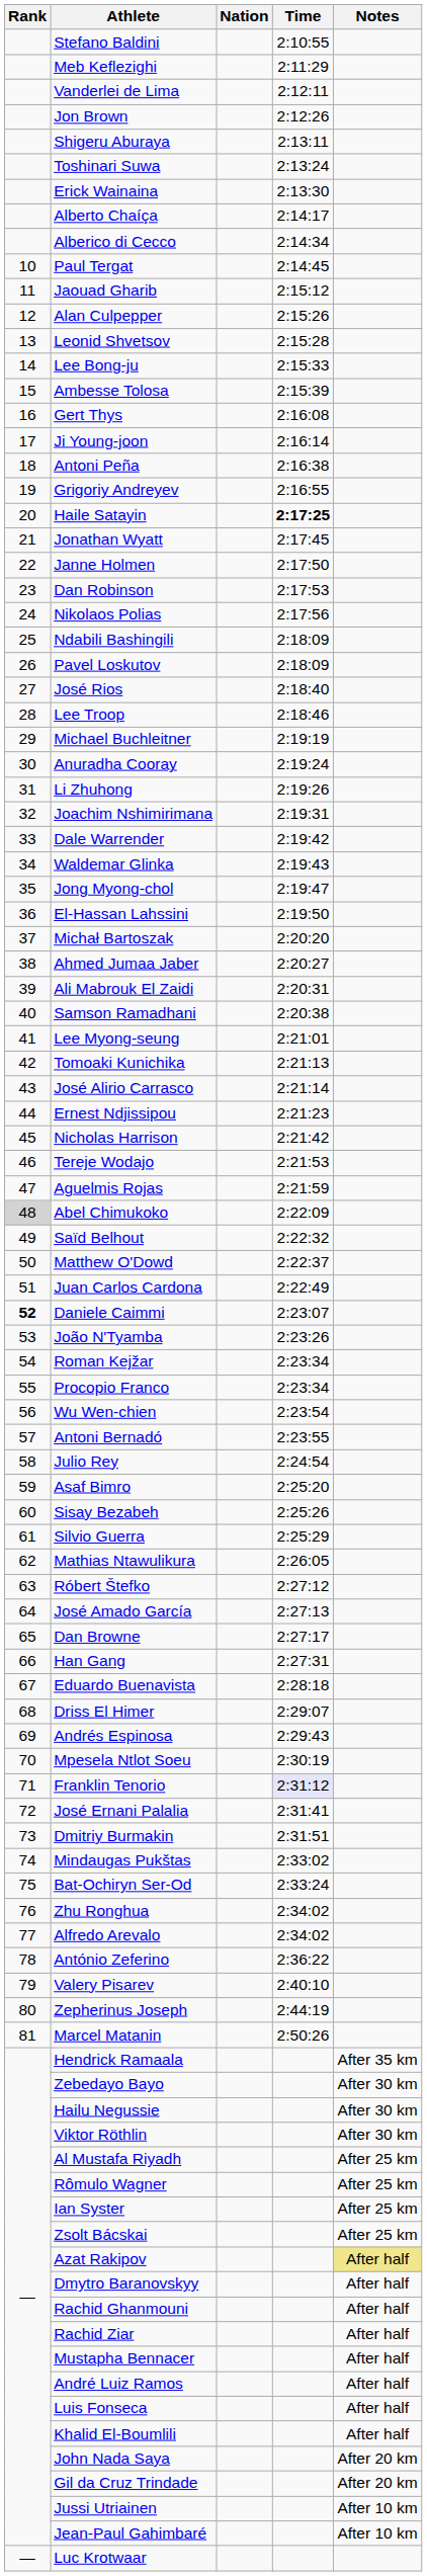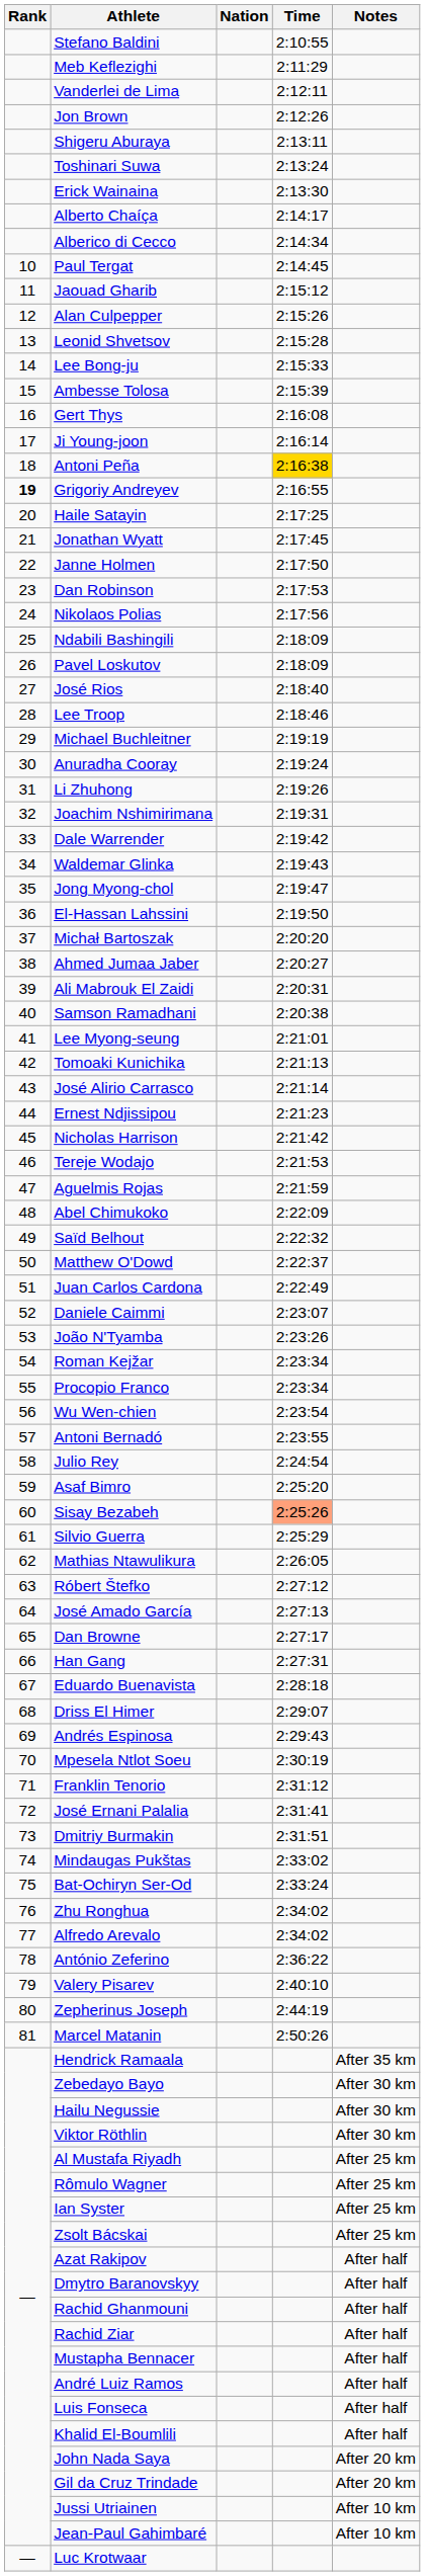 <table class="wikitable sortable" style="text-align:center">
 <tr>
 <th>Rank</th>
 <th>Athlete</th>
 <th>Nation</th>
 <th>Time</th>
 <th>Notes</th>
 </tr>
 <tr>
 <td></td>
 <td align=left><a href='#'>Stefano Baldini</a></td>
 <td align=left></td>
 <td>2:10:55</td>
 <td></td>
 </tr>
 <tr>
 <td></td>
 <td align=left><a href='#'>Meb Keflezighi</a></td>
 <td align=left></td>
 <td>2:11:29</td>
 <td></td>
 </tr>
 <tr>
 <td></td>
 <td align=left><a href='#'>Vanderlei de Lima</a></td>
 <td align=left></td>
 <td>2:12:11</td>
 <td></td>
 </tr>
 <tr>
 <td></td>
 <td align=left><a href='#'>Jon Brown</a></td>
 <td align=left></td>
 <td>2:12:26</td>
 <td></td>
 </tr>
 <tr>
 <td></td>
 <td align=left><a href='#'>Shigeru Aburaya</a></td>
 <td align=left></td>
 <td>2:13:11</td>
 <td></td>
 </tr>
 <tr>
 <td></td>
 <td align=left><a href='#'>Toshinari Suwa</a></td>
 <td align=left></td>
 <td>2:13:24</td>
 <td></td>
 </tr>
 <tr>
 <td></td>
 <td align=left><a href='#'>Erick Wainaina</a></td>
 <td align=left></td>
 <td>2:13:30</td>
 <td></td>
 </tr>
 <tr>
 <td></td>
 <td align=left><a href='#'>Alberto Chaíça</a></td>
 <td align=left></td>
 <td>2:14:17</td>
 <td></td>
 </tr>
 <tr>
 <td></td>
 <td align=left><a href='#'>Alberico di Cecco</a></td>
 <td align=left></td>
 <td>2:14:34</td>
 <td></td>
 </tr>
 <tr>
 <td>10</td>
 <td align=left><a href='#'>Paul Tergat</a></td>
 <td align=left></td>
 <td>2:14:45</td>
 <td></td>
 </tr>
 <tr>
 <td>11</td>
 <td align=left><a href='#'>Jaouad Gharib</a></td>
 <td align=left></td>
 <td>2:15:12</td>
 <td></td>
 </tr>
 <tr>
 <td>12</td>
 <td align=left><a href='#'>Alan Culpepper</a></td>
 <td align=left></td>
 <td>2:15:26</td>
 <td></td>
 </tr>
 <tr>
 <td>13</td>
 <td align=left><a href='#'>Leonid Shvetsov</a></td>
 <td align=left></td>
 <td>2:15:28</td>
 <td></td>
 </tr>
 <tr>
 <td>14</td>
 <td align=left><a href='#'>Lee Bong-ju</a></td>
 <td align=left></td>
 <td>2:15:33</td>
 <td></td>
 </tr>
 <tr>
 <td>15</td>
 <td align=left><a href='#'>Ambesse Tolosa</a></td>
 <td align=left></td>
 <td>2:15:39</td>
 <td></td>
 </tr>
 <tr>
 <td>16</td>
 <td align=left><a href='#'>Gert Thys</a></td>
 <td align=left></td>
 <td>2:16:08</td>
 <td></td>
 </tr>
 <tr>
 <td>17</td>
 <td align=left><a href='#'>Ji Young-joon</a></td>
 <td align=left></td>
 <td>2:16:14</td>
 <td></td>
 </tr>
 <tr>
 <td>18</td>
 <td align=left><a href='#'>Antoni Peña</a></td>
 <td align=left></td>
-<td>2:16:38</td>
+<td style="background: gold;">2:16:38</td>
 <td></td>
 </tr>
 <tr>
-<td>19</td>
+<td><strong>19</strong></td>
 <td align=left><a href='#'>Grigoriy Andreyev</a></td>
 <td align=left></td>
 <td>2:16:55</td>
 <td></td>
 </tr>
 <tr>
 <td>20</td>
 <td align=left><a href='#'>Haile Satayin</a></td>
 <td align=left></td>
-<td><strong>2:17:25</strong></td>
+<td>2:17:25</td>
 <td></td>
 </tr>
 <tr>
 <td>21</td>
 <td align=left><a href='#'>Jonathan Wyatt</a></td>
 <td align=left></td>
 <td>2:17:45</td>
 <td></td>
 </tr>
 <tr>
 <td>22</td>
 <td align=left><a href='#'>Janne Holmen</a></td>
 <td align=left></td>
 <td>2:17:50</td>
 <td></td>
 </tr>
 <tr>
 <td>23</td>
 <td align=left><a href='#'>Dan Robinson</a></td>
 <td align=left></td>
 <td>2:17:53</td>
 <td></td>
 </tr>
 <tr>
 <td>24</td>
 <td align=left><a href='#'>Nikolaos Polias</a></td>
 <td align=left></td>
 <td>2:17:56</td>
 <td></td>
 </tr>
 <tr>
 <td>25</td>
 <td align=left><a href='#'>Ndabili Bashingili</a></td>
 <td align=left></td>
 <td>2:18:09</td>
 <td></td>
 </tr>
 <tr>
 <td>26</td>
 <td align=left><a href='#'>Pavel Loskutov</a></td>
 <td align=left></td>
 <td>2:18:09</td>
 <td></td>
 </tr>
 <tr>
 <td>27</td>
 <td align=left><a href='#'>José Rios</a></td>
 <td align=left></td>
 <td>2:18:40</td>
 <td></td>
 </tr>
 <tr>
 <td>28</td>
 <td align=left><a href='#'>Lee Troop</a></td>
 <td align=left></td>
 <td>2:18:46</td>
 <td></td>
 </tr>
 <tr>
 <td>29</td>
 <td align=left><a href='#'>Michael Buchleitner</a></td>
 <td align=left></td>
 <td>2:19:19</td>
 <td></td>
 </tr>
 <tr>
 <td>30</td>
 <td align=left><a href='#'>Anuradha Cooray</a></td>
 <td align=left></td>
 <td>2:19:24</td>
 <td></td>
 </tr>
 <tr>
 <td>31</td>
 <td align=left><a href='#'>Li Zhuhong</a></td>
 <td align=left></td>
 <td>2:19:26</td>
 <td></td>
 </tr>
 <tr>
 <td>32</td>
 <td align=left><a href='#'>Joachim Nshimirimana</a></td>
 <td align=left></td>
 <td>2:19:31</td>
 <td></td>
 </tr>
 <tr>
 <td>33</td>
 <td align=left><a href='#'>Dale Warrender</a></td>
 <td align=left></td>
 <td>2:19:42</td>
 <td></td>
 </tr>
 <tr>
 <td>34</td>
 <td align=left><a href='#'>Waldemar Glinka</a></td>
 <td align=left></td>
 <td>2:19:43</td>
 <td></td>
 </tr>
 <tr>
 <td>35</td>
 <td align=left><a href='#'>Jong Myong-chol</a></td>
 <td align=left></td>
 <td>2:19:47</td>
 <td></td>
 </tr>
 <tr>
 <td>36</td>
 <td align=left><a href='#'>El-Hassan Lahssini</a></td>
 <td align=left></td>
 <td>2:19:50</td>
 <td></td>
 </tr>
 <tr>
 <td>37</td>
 <td align=left><a href='#'>Michał Bartoszak</a></td>
 <td align=left></td>
 <td>2:20:20</td>
 <td></td>
 </tr>
 <tr>
 <td>38</td>
 <td align=left><a href='#'>Ahmed Jumaa Jaber</a></td>
 <td align=left></td>
 <td>2:20:27</td>
 <td></td>
 </tr>
 <tr>
 <td>39</td>
 <td align=left><a href='#'>Ali Mabrouk El Zaidi</a></td>
 <td align=left></td>
 <td>2:20:31</td>
 <td></td>
 </tr>
 <tr>
 <td>40</td>
 <td align=left><a href='#'>Samson Ramadhani</a></td>
 <td align=left></td>
 <td>2:20:38</td>
 <td></td>
 </tr>
 <tr>
 <td>41</td>
 <td align=left><a href='#'>Lee Myong-seung</a></td>
 <td align=left></td>
 <td>2:21:01</td>
 <td></td>
 </tr>
 <tr>
 <td>42</td>
 <td align=left><a href='#'>Tomoaki Kunichika</a></td>
 <td align=left></td>
 <td>2:21:13</td>
 <td></td>
 </tr>
 <tr>
 <td>43</td>
 <td align=left><a href='#'>José Alirio Carrasco</a></td>
 <td align=left></td>
 <td>2:21:14</td>
 <td></td>
 </tr>
 <tr>
 <td>44</td>
 <td align=left><a href='#'>Ernest Ndjissipou</a></td>
 <td align=left></td>
 <td>2:21:23</td>
 <td></td>
 </tr>
 <tr>
 <td>45</td>
 <td align=left><a href='#'>Nicholas Harrison</a></td>
 <td align=left></td>
 <td>2:21:42</td>
 <td></td>
 </tr>
 <tr>
 <td>46</td>
 <td align=left><a href='#'>Tereje Wodajo</a></td>
 <td align=left></td>
 <td>2:21:53</td>
 <td></td>
 </tr>
 <tr>
 <td>47</td>
 <td align=left><a href='#'>Aguelmis Rojas</a></td>
 <td align=left></td>
 <td>2:21:59</td>
 <td></td>
 </tr>
 <tr>
-<td style="background: lightgrey;">48</td>
+<td>48</td>
 <td align=left><a href='#'>Abel Chimukoko</a></td>
 <td align=left></td>
 <td>2:22:09</td>
 <td></td>
 </tr>
 <tr>
 <td>49</td>
 <td align=left><a href='#'>Saïd Belhout</a></td>
 <td align=left></td>
 <td>2:22:32</td>
 <td></td>
 </tr>
 <tr>
 <td>50</td>
 <td align=left><a href='#'>Matthew O'Dowd</a></td>
 <td align=left></td>
 <td>2:22:37</td>
 <td></td>
 </tr>
 <tr>
 <td>51</td>
 <td align=left><a href='#'>Juan Carlos Cardona</a></td>
 <td align=left></td>
 <td>2:22:49</td>
 <td></td>
 </tr>
 <tr>
-<td><strong>52</strong></td>
+<td>52</td>
 <td align=left><a href='#'>Daniele Caimmi</a></td>
 <td align=left></td>
 <td>2:23:07</td>
 <td></td>
 </tr>
 <tr>
 <td>53</td>
 <td align=left><a href='#'>João N'Tyamba</a></td>
 <td align=left></td>
 <td>2:23:26</td>
 <td></td>
 </tr>
 <tr>
 <td>54</td>
 <td align=left><a href='#'>Roman Kejžar</a></td>
 <td align=left></td>
 <td>2:23:34</td>
 <td></td>
 </tr>
 <tr>
 <td>55</td>
 <td align=left><a href='#'>Procopio Franco</a></td>
 <td align=left></td>
 <td>2:23:34</td>
 <td></td>
 </tr>
 <tr>
 <td>56</td>
 <td align=left><a href='#'>Wu Wen-chien</a></td>
 <td align=left></td>
 <td>2:23:54</td>
 <td></td>
 </tr>
 <tr>
 <td>57</td>
 <td align=left><a href='#'>Antoni Bernadó</a></td>
 <td align=left></td>
 <td>2:23:55</td>
 <td></td>
 </tr>
 <tr>
 <td>58</td>
 <td align=left><a href='#'>Julio Rey</a></td>
 <td align=left></td>
 <td>2:24:54</td>
 <td></td>
 </tr>
 <tr>
 <td>59</td>
 <td align=left><a href='#'>Asaf Bimro</a></td>
 <td align=left></td>
 <td>2:25:20</td>
 <td></td>
 </tr>
 <tr>
 <td>60</td>
 <td align=left><a href='#'>Sisay Bezabeh</a></td>
 <td align=left></td>
-<td>2:25:26</td>
+<td style="background: lightsalmon;">2:25:26</td>
 <td></td>
 </tr>
 <tr>
 <td>61</td>
 <td align=left><a href='#'>Silvio Guerra</a></td>
 <td align=left></td>
 <td>2:25:29</td>
 <td></td>
 </tr>
 <tr>
 <td>62</td>
 <td align=left><a href='#'>Mathias Ntawulikura</a></td>
 <td align=left></td>
 <td>2:26:05</td>
 <td></td>
 </tr>
 <tr>
 <td>63</td>
 <td align=left><a href='#'>Róbert Štefko</a></td>
 <td align=left></td>
 <td>2:27:12</td>
 <td></td>
 </tr>
 <tr>
 <td>64</td>
 <td align=left><a href='#'>José Amado García</a></td>
 <td align=left></td>
 <td>2:27:13</td>
 <td></td>
 </tr>
 <tr>
 <td>65</td>
 <td align=left><a href='#'>Dan Browne</a></td>
 <td align=left></td>
 <td>2:27:17</td>
 <td></td>
 </tr>
 <tr>
 <td>66</td>
 <td align=left><a href='#'>Han Gang</a></td>
 <td align=left></td>
 <td>2:27:31</td>
 <td></td>
 </tr>
 <tr>
 <td>67</td>
 <td align=left><a href='#'>Eduardo Buenavista</a></td>
 <td align=left></td>
 <td>2:28:18</td>
 <td></td>
 </tr>
 <tr>
 <td>68</td>
 <td align=left><a href='#'>Driss El Himer</a></td>
 <td align=left></td>
 <td>2:29:07</td>
 <td></td>
 </tr>
 <tr>
 <td>69</td>
 <td align=left><a href='#'>Andrés Espinosa</a></td>
 <td align=left></td>
 <td>2:29:43</td>
 <td></td>
 </tr>
 <tr>
 <td>70</td>
 <td align=left><a href='#'>Mpesela Ntlot Soeu</a></td>
 <td align=left></td>
 <td>2:30:19</td>
 <td></td>
 </tr>
 <tr>
 <td>71</td>
 <td align=left><a href='#'>Franklin Tenorio</a></td>
 <td align=left></td>
-<td style="background: lavender;">2:31:12</td>
+<td>2:31:12</td>
 <td></td>
 </tr>
 <tr>
 <td>72</td>
 <td align=left><a href='#'>José Ernani Palalia</a></td>
 <td align=left></td>
 <td>2:31:41</td>
 <td></td>
 </tr>
 <tr>
 <td>73</td>
 <td align=left><a href='#'>Dmitriy Burmakin</a></td>
 <td align=left></td>
 <td>2:31:51</td>
 <td></td>
 </tr>
 <tr>
 <td>74</td>
 <td align=left><a href='#'>Mindaugas Pukštas</a></td>
 <td align=left></td>
 <td>2:33:02</td>
 <td></td>
 </tr>
 <tr>
 <td>75</td>
 <td align=left><a href='#'>Bat-Ochiryn Ser-Od</a></td>
 <td align=left></td>
 <td>2:33:24</td>
 <td></td>
 </tr>
 <tr>
 <td>76</td>
 <td align=left><a href='#'>Zhu Ronghua</a></td>
 <td align=left></td>
 <td>2:34:02</td>
 <td></td>
 </tr>
 <tr>
 <td>77</td>
 <td align=left><a href='#'>Alfredo Arevalo</a></td>
 <td align=left></td>
 <td>2:34:02</td>
 <td></td>
 </tr>
 <tr>
 <td>78</td>
 <td align=left><a href='#'>António Zeferino</a></td>
 <td align=left></td>
 <td>2:36:22</td>
 <td></td>
 </tr>
 <tr>
 <td>79</td>
 <td align=left><a href='#'>Valery Pisarev</a></td>
 <td align=left></td>
 <td>2:40:10</td>
 <td></td>
 </tr>
 <tr>
 <td>80</td>
 <td align=left><a href='#'>Zepherinus Joseph</a></td>
 <td align=left></td>
 <td>2:44:19</td>
 <td></td>
 </tr>
 <tr>
 <td>81</td>
 <td align=left><a href='#'>Marcel Matanin</a></td>
 <td align=left></td>
 <td>2:50:26</td>
 <td></td>
 </tr>
 <tr>
 <td rowspan=20 data-sort-value-82>—</td>
 <td align=left><a href='#'>Hendrick Ramaala</a></td>
 <td align=left></td>
 <td data-sort-value=5:00:00></td>
 <td>After 35 km</td>
 </tr>
 <tr>
 <td align=left><a href='#'>Zebedayo Bayo</a></td>
 <td align=left></td>
 <td data-sort-value=5:00:00></td>
 <td>After 30 km</td>
 </tr>
 <tr>
 <td align=left><a href='#'>Hailu Negussie</a></td>
 <td align=left></td>
 <td data-sort-value=5:00:00></td>
 <td>After 30 km</td>
 </tr>
 <tr>
 <td align=left><a href='#'>Viktor Röthlin</a></td>
 <td align=left></td>
 <td data-sort-value=5:00:00></td>
 <td>After 30 km</td>
 </tr>
 <tr>
 <td align=left><a href='#'>Al Mustafa Riyadh</a></td>
 <td align=left></td>
 <td data-sort-value=5:00:00></td>
 <td>After 25 km</td>
 </tr>
 <tr>
 <td align=left><a href='#'>Rômulo Wagner</a></td>
 <td align=left></td>
 <td data-sort-value=5:00:00></td>
 <td>After 25 km</td>
 </tr>
 <tr>
 <td align=left><a href='#'>Ian Syster</a></td>
 <td align=left></td>
 <td data-sort-value=5:00:00></td>
 <td>After 25 km</td>
 </tr>
 <tr>
 <td align=left><a href='#'>Zsolt Bácskai</a></td>
 <td align=left></td>
 <td data-sort-value=5:00:00></td>
 <td>After 25 km</td>
 </tr>
 <tr>
 <td align=left><a href='#'>Azat Rakipov</a></td>
 <td align=left></td>
 <td data-sort-value=5:00:00></td>
-<td style="background: khaki;">After half</td>
+<td>After half</td>
 </tr>
 <tr>
 <td align=left><a href='#'>Dmytro Baranovskyy</a></td>
 <td align=left></td>
 <td data-sort-value=5:00:00></td>
 <td>After half</td>
 </tr>
 <tr>
 <td align=left><a href='#'>Rachid Ghanmouni</a></td>
 <td align=left></td>
 <td data-sort-value=5:00:00></td>
 <td>After half</td>
 </tr>
 <tr>
 <td align=left><a href='#'>Rachid Ziar</a></td>
 <td align=left></td>
 <td data-sort-value=5:00:00></td>
 <td>After half</td>
 </tr>
 <tr>
 <td align=left><a href='#'>Mustapha Bennacer</a></td>
 <td align=left></td>
 <td data-sort-value=5:00:00></td>
 <td>After half</td>
 </tr>
 <tr>
 <td align=left><a href='#'>André Luiz Ramos</a></td>
 <td align=left></td>
 <td data-sort-value=5:00:00></td>
 <td>After half</td>
 </tr>
 <tr>
 <td align=left><a href='#'>Luis Fonseca</a></td>
 <td align=left></td>
 <td data-sort-value=5:00:00></td>
 <td>After half</td>
 </tr>
 <tr>
 <td align=left><a href='#'>Khalid El-Boumlili</a></td>
 <td align=left></td>
 <td data-sort-value=5:00:00></td>
 <td>After half</td>
 </tr>
 <tr>
 <td align=left><a href='#'>John Nada Saya</a></td>
 <td align=left></td>
 <td data-sort-value=5:00:00></td>
 <td>After 20 km</td>
 </tr>
 <tr>
 <td align=left><a href='#'>Gil da Cruz Trindade</a></td>
 <td align=left></td>
 <td data-sort-value=5:00:00></td>
 <td>After 20 km</td>
 </tr>
 <tr>
 <td align=left><a href='#'>Jussi Utriainen</a></td>
 <td align=left></td>
 <td data-sort-value=5:00:00></td>
 <td>After 10 km</td>
 </tr>
 <tr>
 <td align=left><a href='#'>Jean-Paul Gahimbaré</a></td>
 <td align=left></td>
 <td data-sort-value=5:00:00></td>
 <td>After 10 km</td>
 </tr>
 <tr>
 <td data-sort-value=102>—</td>
 <td align=left><a href='#'>Luc Krotwaar</a></td>
 <td align=left></td>
 <td data-sort-value=9:00:00></td>
 <td></td>
 </tr>
 </table>
